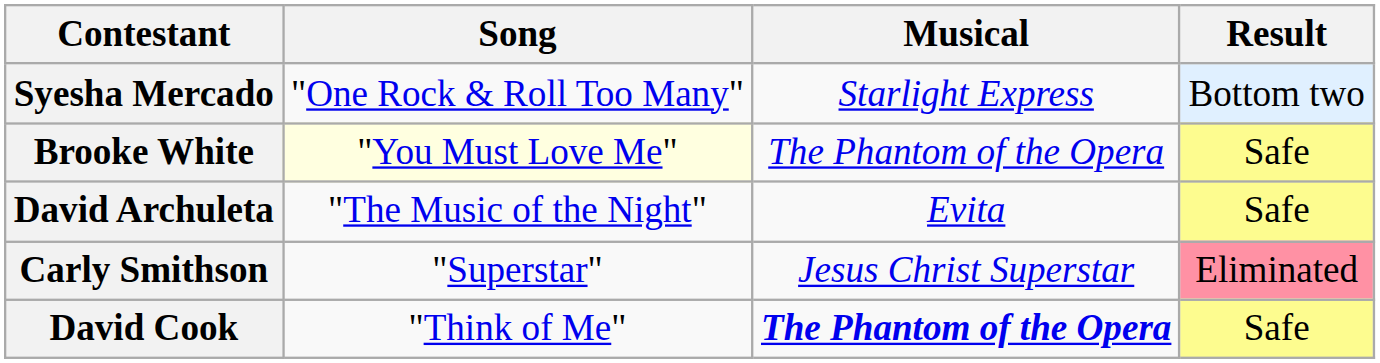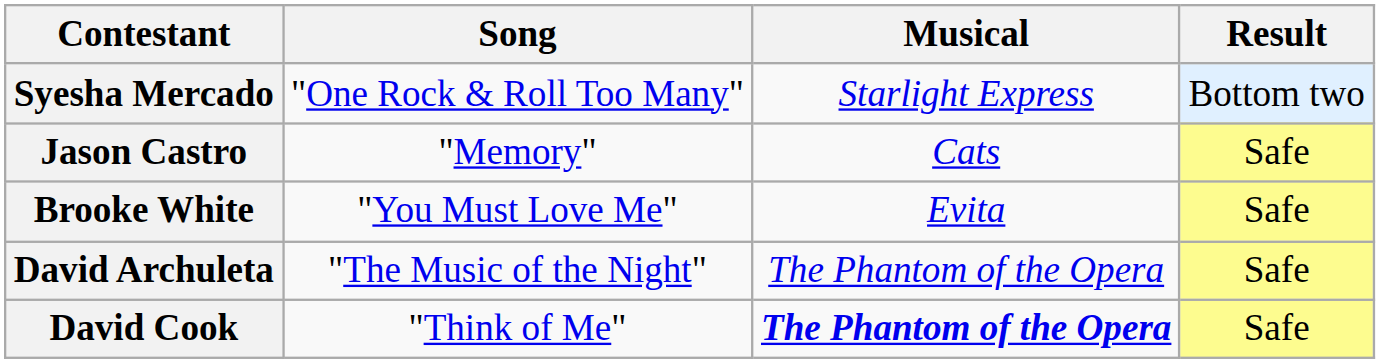 <table class="wikitable unsortable" style="text-align:center;">
 <tr>
 <th scope="col">Contestant</th>
 <th scope="col">Song</th>
 <th scope="col">Musical</th>
 <th scope="col">Result</th>
 </tr>
 <tr>
 <th scope="row">Syesha Mercado</th>
 <td>"<a href='#'>One Rock & Roll Too Many</a>"</td>
 <td><em><a href='#'>Starlight Express</a></em></td>
 <td bgcolor="E0F0FF">Bottom two</td>
 </tr>
 <tr>
+<th scope="row">Jason Castro</th>
+<td>"<a href='#'>Memory</a>"</td>
+<td><em><a href='#'>Cats</a></em></td>
+<td style="background:#FDFC8F">Safe</td>
+</tr>
+<tr>
 <th scope="row">Brooke White</th>
-<td style="background: lightyellow;">"<a href='#'>You Must Love Me</a>"</td>
-<td><em><a href='#'>The Phantom of the Opera</a></em></td>
+<td>"<a href='#'>You Must Love Me</a>"</td>
+<td><em><a href='#'>Evita</a></em></td>
 <td style="background:#FDFC8F">Safe</td>
 </tr>
 <tr>
 <th scope="row">David Archuleta</th>
 <td>"<a href='#'>The Music of the Night</a>"</td>
-<td><em><a href='#'>Evita</a></em></td>
+<td><em><a href='#'>The Phantom of the Opera</a></em></td>
 <td style="background:#FDFC8F">Safe</td>
-</tr>
-<tr>
-<th scope="row">Carly Smithson</th>
-<td>"<a href='#'>Superstar</a>"</td>
-<td><em><a href='#'>Jesus Christ Superstar</a></em></td>
-<td bgcolor="FF91A4">Eliminated</td>
 </tr>
 <tr>
 <th scope="row">David Cook</th>
 <td>"<a href='#'>Think of Me</a>"</td>
 <td><strong><em><a href='#'>The Phantom of the Opera</a></em></strong></td>
 <td style="background:#FDFC8F">Safe</td>
 </tr>
 </table>
